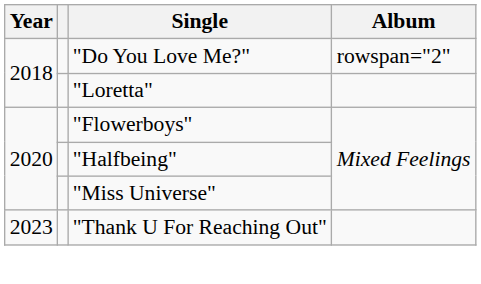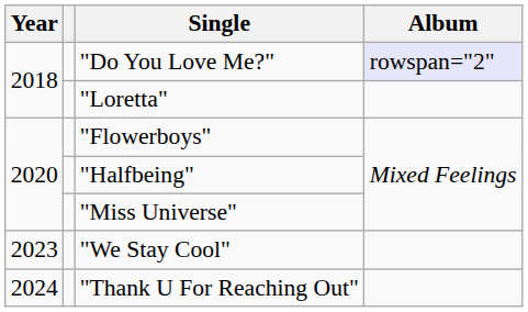 <table class="wikitable">
 <tr>
 <th>Year</th>
 <th></th>
 <th>Single</th>
 <th>Album</th>
 </tr>
 <tr>
 <td rowspan="2">2018</td>
 <td></td>
 <td>"Do You Love Me?"</td>
-<td>rowspan="2" </td>
+<td style="background: lavender;">rowspan="2" </td>
 </tr>
 <tr>
 <td></td>
 <td>"Loretta"</td>
 </tr>
 <tr>
 <td rowspan="3">2020</td>
 <td></td>
 <td>"Flowerboys"</td>
 <td rowspan="3"><em>Mixed Feelings</em></td>
 </tr>
 <tr>
 <td></td>
 <td>"Halfbeing"</td>
 </tr>
 <tr>
 <td></td>
 <td "Miss Universe">"Miss Universe"</td>
 </tr>
 <tr>
-<td “Thank U for Reaching Out”>2023</td>
+<td>2023</td>
+<td></td>
+<td>"We Stay Cool"</td>
+<td></td>
+</tr>
+<tr>
+<td “Thank U for Reaching Out”>2024</td>
 <td></td>
 <td>"Thank U For Reaching Out"</td>
 <td></td>
 </tr>
 </table>
